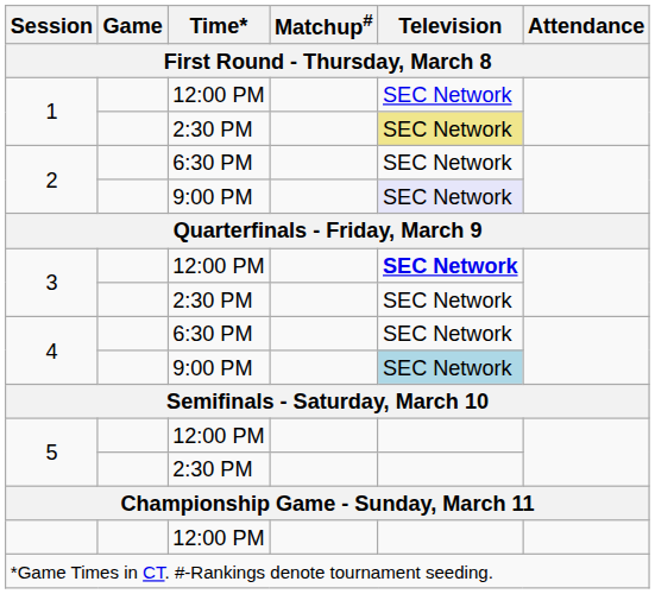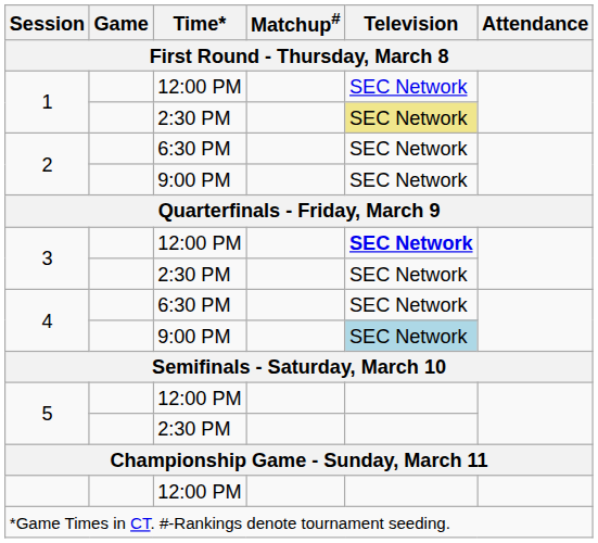 <table class="wikitable" style="font-size: 95%">
 <tr align="center">
 <th>Session</th>
 <th>Game</th>
 <th>Time*</th>
 <th>Matchup<sup>#</sup></th>
 <th>Television</th>
 <th>Attendance</th>
 </tr>
 <tr>
 <th colspan=7>First Round - Thursday, March 8</th>
 </tr>
 <tr>
 <td rowspan=2 style="text-align:center;">1</td>
 <td></td>
 <td>12:00 PM</td>
 <td></td>
 <td><a href='#'>SEC Network</a></td>
 <td rowspan=2></td>
 </tr>
 <tr>
 <td></td>
 <td>2:30 PM</td>
 <td></td>
 <td style="background: khaki;">SEC Network</td>
 </tr>
 <tr>
 <td rowspan=2 style="text-align:center;">2</td>
 <td></td>
 <td>6:30 PM</td>
 <td></td>
 <td>SEC Network</td>
 <td rowspan=2></td>
 </tr>
 <tr>
 <td></td>
 <td>9:00 PM</td>
 <td></td>
-<td style="background: lavender;">SEC Network</td>
+<td>SEC Network</td>
 </tr>
 <tr>
 <th colspan=7>Quarterfinals - Friday, March 9</th>
 </tr>
 <tr>
 <td rowspan=2 style="text-align:center;">3</td>
 <td></td>
 <td>12:00 PM</td>
 <td></td>
 <td><strong><a href='#'>SEC Network</a></strong></td>
 <td rowspan=2></td>
 </tr>
 <tr>
 <td></td>
 <td>2:30 PM</td>
 <td></td>
 <td>SEC Network</td>
 </tr>
 <tr>
 <td rowspan=2 style="text-align:center;">4</td>
 <td></td>
 <td>6:30 PM</td>
 <td></td>
 <td>SEC Network</td>
 <td rowspan=2></td>
 </tr>
 <tr>
 <td></td>
 <td>9:00 PM</td>
 <td></td>
 <td style="background: lightblue;">SEC Network</td>
 </tr>
 <tr>
 <th colspan=7>Semifinals - Saturday, March 10</th>
 </tr>
 <tr>
 <td rowspan=2 style="text-align:center;">5</td>
 <td></td>
 <td>12:00 PM</td>
 <td></td>
 <td></td>
 <td rowspan=2></td>
 </tr>
 <tr>
 <td></td>
 <td>2:30 PM</td>
 <td></td>
 <td></td>
 </tr>
 <tr>
 <th colspan=7>Championship Game - Sunday, March 11</th>
 </tr>
 <tr>
 <td></td>
 <td></td>
 <td>12:00 PM</td>
 <td></td>
 <td></td>
 <td></td>
 </tr>
 <tr>
 <td colspan=6><small>*Game Times in <a href='#'>CT</a>. #-Rankings denote tournament seeding.</small></td>
 </tr>
 </table>
